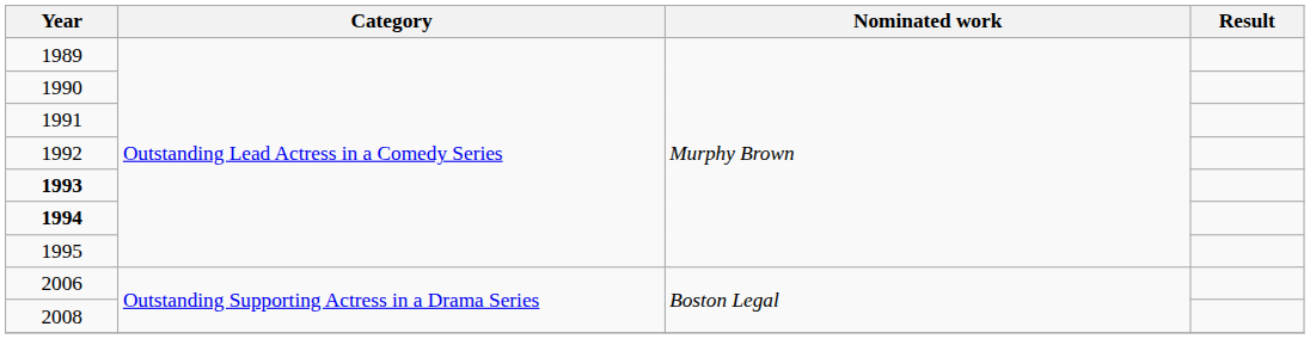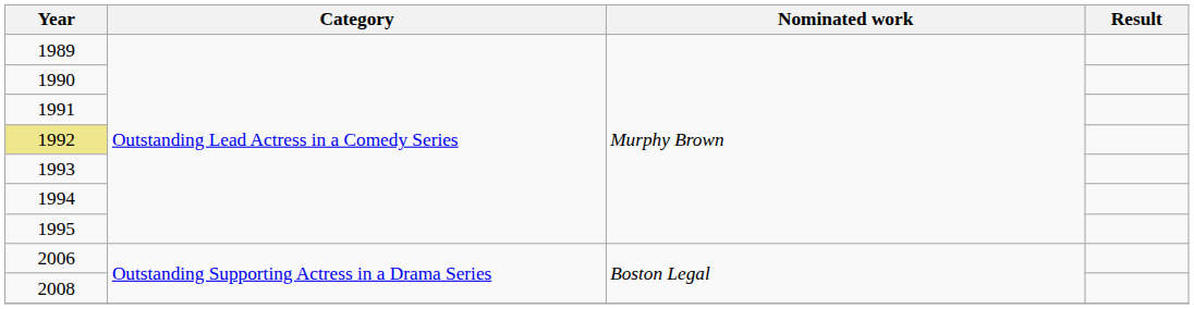 <table class=wikitable>
 <tr>
 <th scope="col" style="width:5em;">Year</th>
 <th scope="col" style="width:26em;">Category</th>
 <th scope="col" style="width:25em;">Nominated work</th>
 <th scope="col" style="width:5em;">Result</th>
 </tr>
 <tr>
 <td style="text-align:center;">1989</td>
 <td rowspan=7><a href='#'>Outstanding Lead Actress in a Comedy Series</a></td>
 <td rowspan=7><em>Murphy Brown</em></td>
 <td></td>
 </tr>
 <tr>
 <td style="text-align:center;">1990</td>
 <td></td>
 </tr>
 <tr>
 <td style="text-align:center;">1991</td>
 <td></td>
 </tr>
 <tr>
-<td style="text-align:center;">1992</td>
+<td style="background: khaki; text-align:center;">1992</td>
 <td></td>
 </tr>
 <tr>
-<td style="text-align:center;"><strong>1993</strong></td>
+<td style="text-align:center;">1993</td>
 <td></td>
 </tr>
 <tr>
-<td style="text-align:center;"><strong>1994</strong></td>
+<td style="text-align:center;">1994</td>
 <td></td>
 </tr>
 <tr>
 <td style="text-align:center;">1995</td>
 <td></td>
 </tr>
 <tr>
 <td style="text-align:center;">2006</td>
 <td rowspan=2><a href='#'>Outstanding Supporting Actress in a Drama Series</a></td>
 <td rowspan=2><em>Boston Legal</em></td>
 <td></td>
 </tr>
 <tr>
 <td style="text-align:center;">2008</td>
 <td></td>
 </tr>
 <tr>
 </tr>
 </table>
